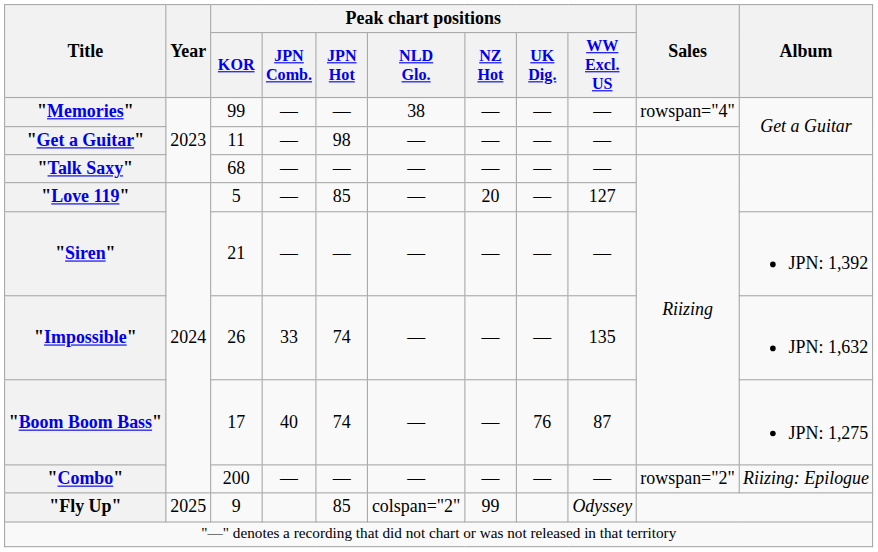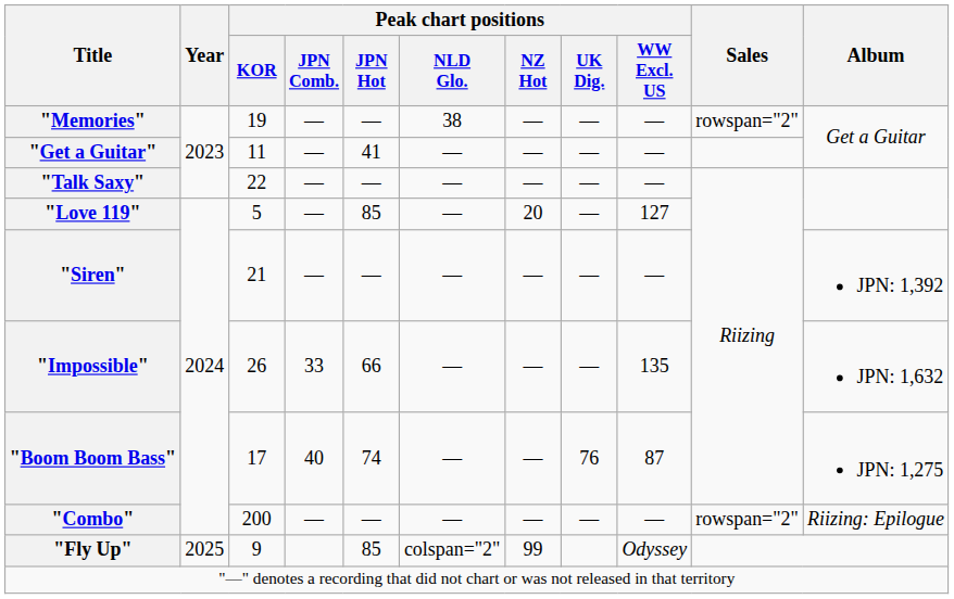 <table class="wikitable plainrowheaders" style="text-align:center">
 <tr>
 <th scope="col" rowspan="2">Title</th>
 <th scope="col" rowspan="2">Year</th>
 <th scope="col" colspan="7">Peak chart positions</th>
 <th scope="col" rowspan="2">Sales</th>
 <th scope="col" rowspan="2">Album</th>
 </tr>
 <tr>
 <th scope="col" style="font-size:90%; width:2.75em"><a href='#'>KOR</a><br></th>
 <th scope="col" style="font-size:90%; width:2.75em"><a href='#'>JPN<br>Comb.</a><br></th>
 <th scope="col" style="font-size:90%; width:2.75em"><a href='#'>JPN<br>Hot</a><br></th>
 <th scope="col" style="font-size:90%; width:2.75em"><a href='#'>NLD<br>Glo.</a><br></th>
 <th scope="col" style="font-size:90%; width:2.75em"><a href='#'>NZ<br>Hot</a><br></th>
 <th scope="col" style="font-size:90%; width:2.75em"><a href='#'>UK Dig.</a><br></th>
 <th scope="col" style="font-size:90%; width:2.75em"><a href='#'>WW<br>Excl.<br>US</a><br></th>
 </tr>
 <tr>
 <th scope="row">"<a href='#'>Memories</a>"</th>
 <td rowspan="3">2023</td>
-<td>99</td>
+<td>19</td>
 <td>—</td>
 <td>—</td>
 <td>38</td>
 <td>—</td>
 <td>—</td>
 <td>—</td>
-<td>rowspan="4" </td>
+<td>rowspan="2" </td>
 <td rowspan="2"><em>Get a Guitar</em></td>
 </tr>
 <tr>
 <th scope="row">"<a href='#'>Get a Guitar</a>"</th>
 <td>11</td>
 <td>—</td>
-<td>98</td>
+<td>41</td>
 <td>—</td>
 <td>—</td>
 <td>—</td>
 <td>—</td>
 </tr>
 <tr>
 <th scope="row">"<a href='#'>Talk Saxy</a>"</th>
-<td>68</td>
+<td>22</td>
 <td>—</td>
 <td>—</td>
 <td>—</td>
 <td>—</td>
 <td>—</td>
 <td>—</td>
 <td rowspan="5"><em>Riizing</em></td>
 </tr>
 <tr>
 <th scope="row">"<a href='#'>Love 119</a>"</th>
 <td rowspan="5">2024</td>
 <td>5</td>
 <td>—</td>
 <td>85</td>
 <td>—</td>
 <td>20</td>
 <td>—</td>
 <td>127</td>
 </tr>
 <tr>
 <th scope="row">"<a href='#'>Siren</a>"</th>
 <td>21</td>
 <td>—</td>
 <td>—</td>
 <td>—</td>
 <td>—</td>
 <td>—</td>
 <td>—</td>
 <td><br><ul><li>JPN: 1,392 </li></ul></td>
 </tr>
 <tr>
 <th scope="row">"<a href='#'>Impossible</a>"</th>
 <td>26</td>
 <td>33</td>
-<td>74</td>
+<td>66</td>
 <td>—</td>
 <td>—</td>
 <td>—</td>
 <td>135</td>
 <td><br><ul><li>JPN: 1,632 </li></ul></td>
 </tr>
 <tr>
 <th scope="row">"<a href='#'>Boom Boom Bass</a>"</th>
 <td>17</td>
 <td>40</td>
 <td>74</td>
 <td>—</td>
 <td>—</td>
 <td>76</td>
 <td>87</td>
 <td><br><ul><li>JPN: 1,275 </li></ul></td>
 </tr>
 <tr>
 <th scope="row">"<a href='#'>Combo</a>"</th>
 <td>200</td>
 <td>—</td>
 <td>—</td>
 <td>—</td>
 <td>—</td>
 <td>—</td>
 <td>—</td>
 <td>rowspan="2" </td>
 <td><em>Riizing: Epilogue</em></td>
 </tr>
 <tr>
 <th scope="row">"Fly Up"</th>
 <td>2025</td>
 <td>9</td>
 <td></td>
 <td>85</td>
 <td>colspan="2" </td>
 <td>99</td>
 <td></td>
 <td><em>Odyssey</em></td>
 </tr>
 <tr>
 <td colspan="11" style="font-size:85%">"—" denotes a recording that did not chart or was not released in that territory</td>
 </tr>
 </table>
